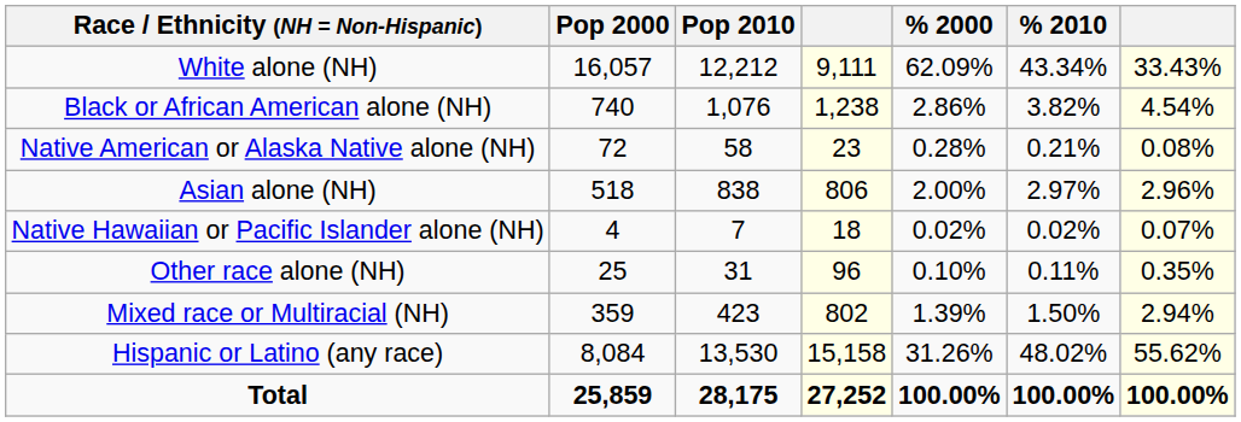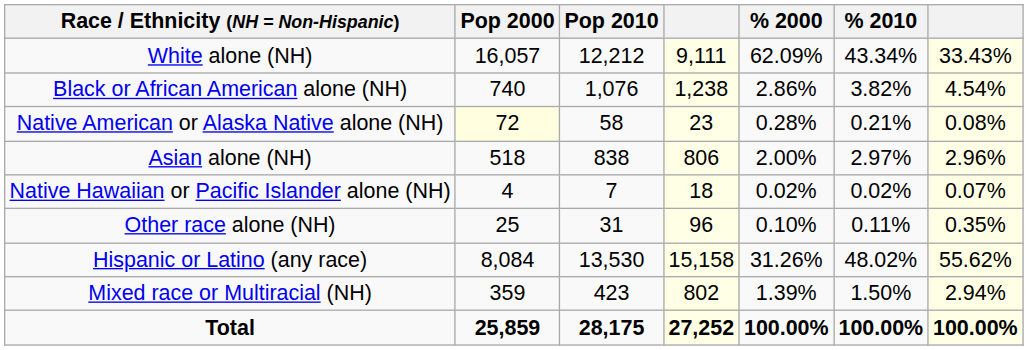 <table class="wikitable" style="text-align:center;">
 <tr>
 <th>Race / Ethnicity <small>(<em>NH = Non-Hispanic</em>)</small></th>
 <th>Pop 2000</th>
 <th>Pop 2010</th>
 <th></th>
 <th>% 2000</th>
 <th>% 2010</th>
 <th></th>
 </tr>
 <tr>
 <td><a href='#'>White</a> alone (NH)</td>
 <td>16,057</td>
 <td>12,212</td>
 <td style='background: #ffffe6;'>9,111</td>
 <td>62.09%</td>
 <td>43.34%</td>
 <td style='background: #ffffe6;'>33.43%</td>
 </tr>
 <tr>
 <td><a href='#'>Black or African American</a> alone (NH)</td>
 <td>740</td>
 <td>1,076</td>
 <td style='background: #ffffe6;'>1,238</td>
 <td>2.86%</td>
 <td>3.82%</td>
 <td style='background: #ffffe6;'>4.54%</td>
 </tr>
 <tr>
 <td><a href='#'>Native American</a> or <a href='#'>Alaska Native</a> alone (NH)</td>
-<td>72</td>
+<td style="background: lightyellow;">72</td>
 <td>58</td>
 <td style='background: #ffffe6;'>23</td>
 <td>0.28%</td>
 <td>0.21%</td>
 <td style='background: #ffffe6;'>0.08%</td>
 </tr>
 <tr>
 <td><a href='#'>Asian</a> alone (NH)</td>
 <td>518</td>
 <td>838</td>
 <td style='background: #ffffe6;'>806</td>
 <td>2.00%</td>
 <td>2.97%</td>
 <td style='background: #ffffe6;'>2.96%</td>
 </tr>
 <tr>
 <td><a href='#'>Native Hawaiian</a> or <a href='#'>Pacific Islander</a> alone (NH)</td>
 <td>4</td>
 <td>7</td>
 <td style='background: #ffffe6;'>18</td>
 <td>0.02%</td>
 <td>0.02%</td>
 <td style='background: #ffffe6;'>0.07%</td>
 </tr>
 <tr>
 <td><a href='#'>Other race</a> alone (NH)</td>
 <td>25</td>
 <td>31</td>
 <td style='background: #ffffe6;'>96</td>
 <td>0.10%</td>
 <td>0.11%</td>
 <td style='background: #ffffe6;'>0.35%</td>
 </tr>
 <tr>
+<td><a href='#'>Hispanic or Latino</a> (any race)</td>
+<td>8,084</td>
+<td>13,530</td>
+<td style='background: #ffffe6;'>15,158</td>
+<td>31.26%</td>
+<td>48.02%</td>
+<td style='background: #ffffe6;'>55.62%</td>
+</tr>
+<tr>
 <td><a href='#'>Mixed race or Multiracial</a> (NH)</td>
 <td>359</td>
 <td>423</td>
 <td style='background: #ffffe6;'>802</td>
 <td>1.39%</td>
 <td>1.50%</td>
 <td style='background: #ffffe6;'>2.94%</td>
-</tr>
-<tr>
-<td><a href='#'>Hispanic or Latino</a> (any race)</td>
-<td>8,084</td>
-<td>13,530</td>
-<td style='background: #ffffe6;'>15,158</td>
-<td>31.26%</td>
-<td>48.02%</td>
-<td style='background: #ffffe6;'>55.62%</td>
 </tr>
 <tr>
 <td><strong>Total</strong></td>
 <td><strong>25,859</strong></td>
 <td><strong>28,175</strong></td>
 <td style='background: #ffffe6;'><strong>27,252</strong></td>
 <td><strong>100.00%</strong></td>
 <td><strong>100.00%</strong></td>
 <td style='background: #ffffe6;'><strong>100.00%</strong></td>
 </tr>
 </table>
